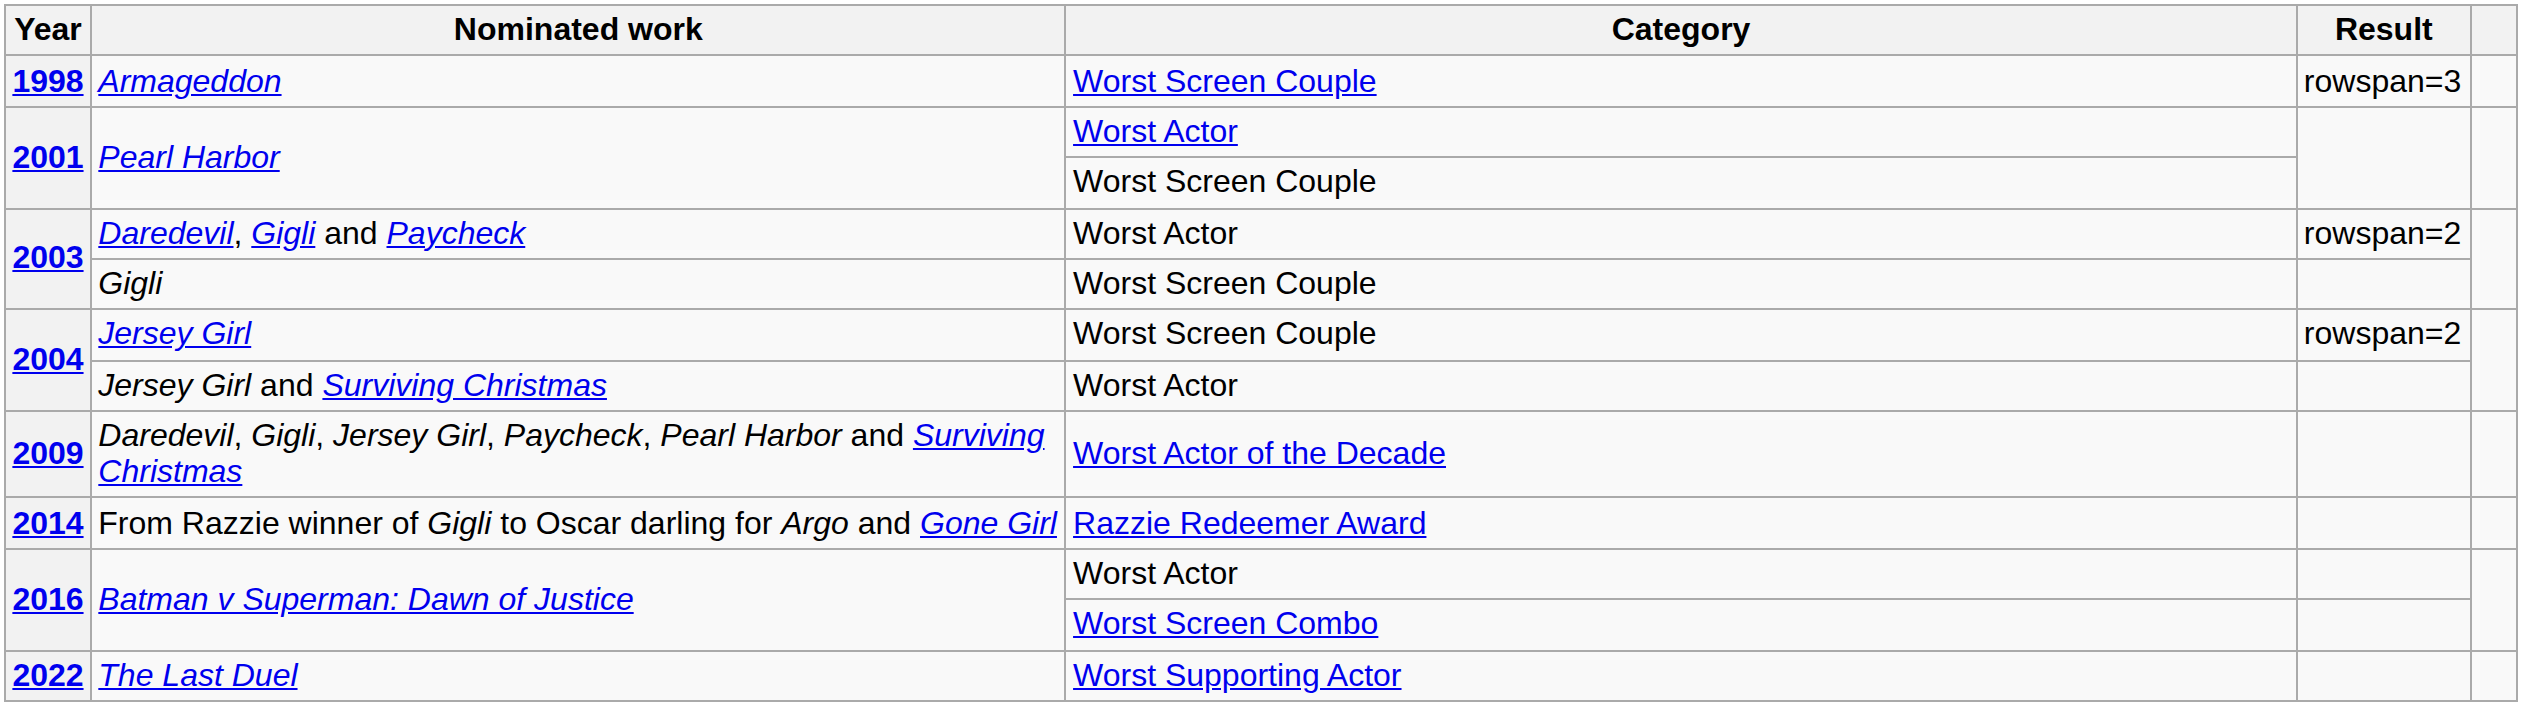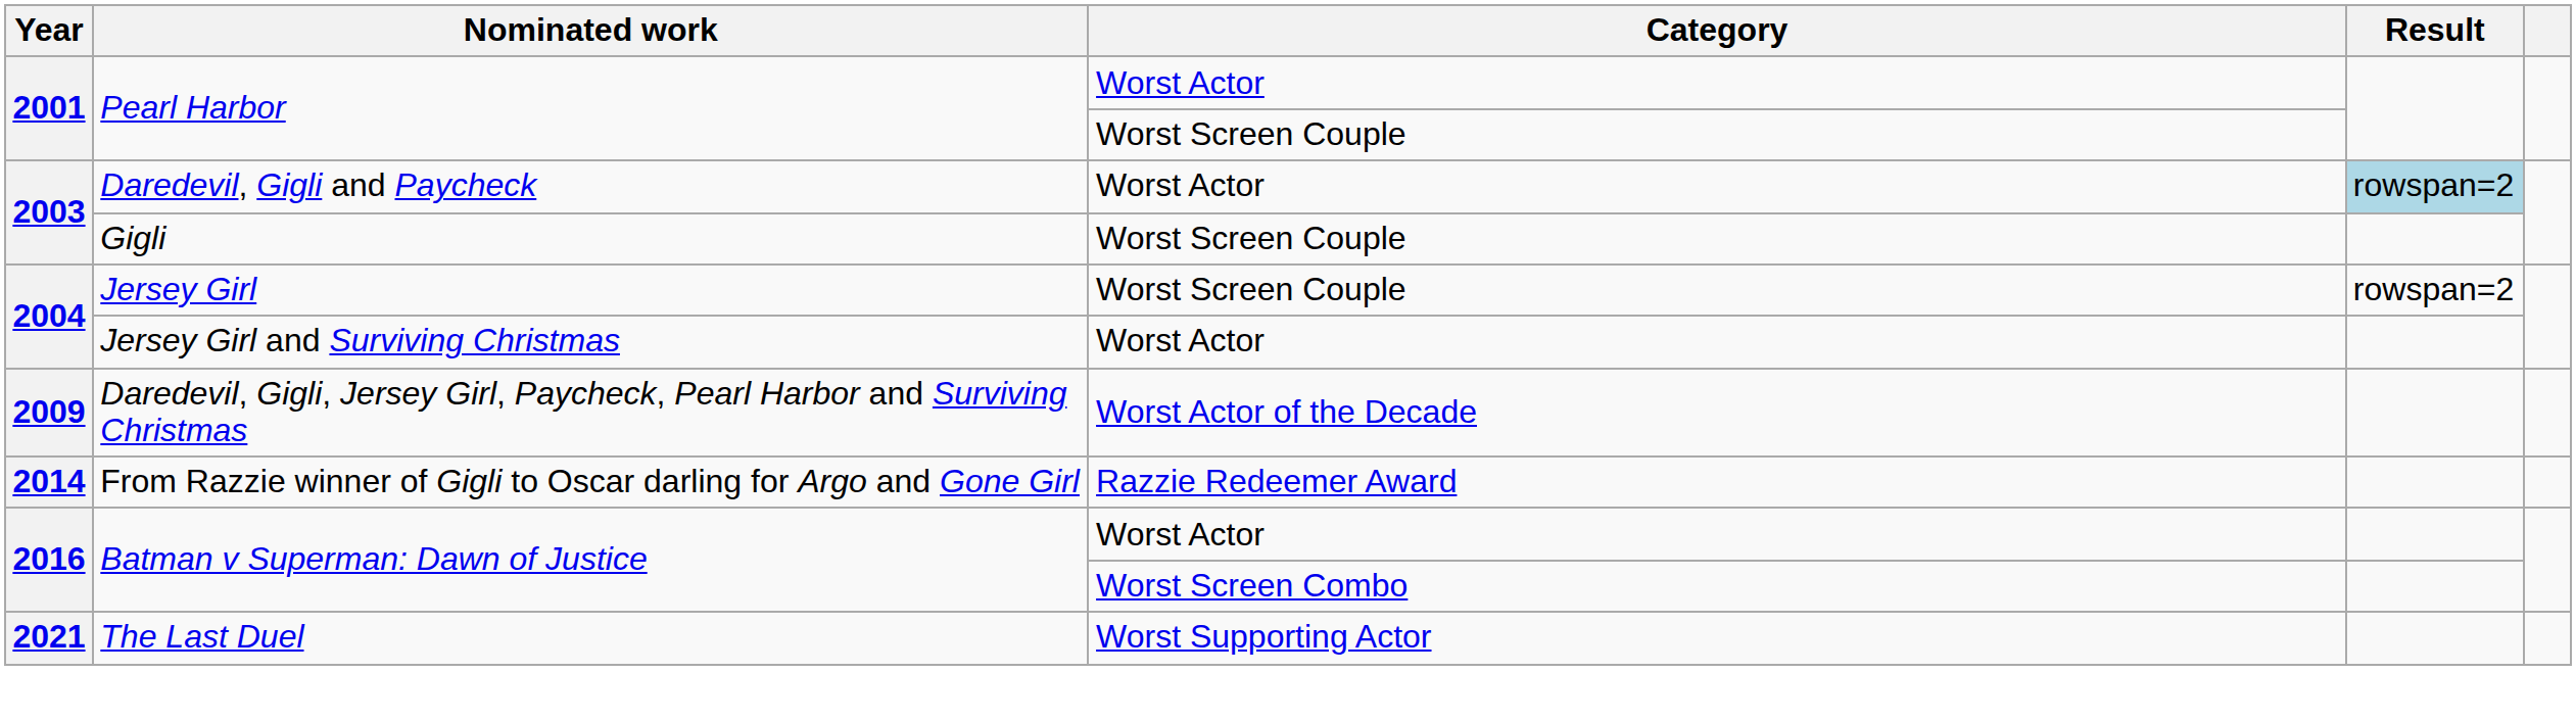 <table class=wikitable>
 <tr>
 <th scope="col" style="width:1em;">Year</th>
 <th scope="col" style="width:30em;">Nominated work</th>
 <th scope="col" style="width:38em;">Category</th>
 <th scope="col" style="width:5em;">Result</th>
 <th scope="col" style="width:1em;"></th>
-</tr>
-<tr>
-<th scope="row"><a href='#'>1998</a></th>
-<td><em><a href='#'>Armageddon</a></em></td>
-<td><a href='#'>Worst Screen Couple</a> </td>
-<td>rowspan=3 </td>
-<td style="text-align:center;"></td>
 </tr>
 <tr>
 <th scope="row" rowspan=2><a href='#'>2001</a></th>
 <td rowspan=2><em><a href='#'>Pearl Harbor</a></em></td>
 <td><a href='#'>Worst Actor</a></td>
 <td rowspan=2 style="text-align:center;"></td>
 </tr>
 <tr>
 <td>Worst Screen Couple </td>
 </tr>
 <tr>
 <th scope="row" rowspan=2><a href='#'>2003</a></th>
 <td><em><a href='#'>Daredevil</a></em>, <em><a href='#'>Gigli</a></em> and <em><a href='#'>Paycheck</a></em></td>
 <td>Worst Actor</td>
-<td>rowspan=2 </td>
+<td style="background: lightblue;">rowspan=2 </td>
 <td rowspan=2 style="text-align:center;"></td>
 </tr>
 <tr>
 <td><em>Gigli</em></td>
 <td>Worst Screen Couple </td>
 </tr>
 <tr>
 <th scope="row" rowspan=2><a href='#'>2004</a></th>
 <td><em><a href='#'>Jersey Girl</a></em></td>
 <td>Worst Screen Couple </td>
 <td>rowspan=2 </td>
 <td rowspan=2 style="text-align:center;"></td>
 </tr>
 <tr>
 <td><em>Jersey Girl</em> and <em><a href='#'>Surviving Christmas</a></em></td>
 <td>Worst Actor</td>
 </tr>
 <tr>
 <th scope="row"><a href='#'>2009</a></th>
 <td><em>Daredevil</em>, <em>Gigli</em>, <em>Jersey Girl</em>, <em>Paycheck</em>, <em>Pearl Harbor</em> and <em><a href='#'>Surviving Christmas</a></em></td>
 <td><a href='#'>Worst Actor of the Decade</a></td>
 <td style="text-align:center;"></td>
 </tr>
 <tr>
 <th scope="row"><a href='#'>2014</a></th>
 <td>From Razzie winner of <em>Gigli</em> to Oscar darling for <em>Argo</em> and <em><a href='#'>Gone Girl</a></em></td>
 <td><a href='#'>Razzie Redeemer Award</a></td>
 <td></td>
 <td style="text-align:center;"></td>
 </tr>
 <tr>
 <th scope="row" rowspan=2><a href='#'>2016</a></th>
 <td rowspan=2><em><a href='#'>Batman v Superman: Dawn of Justice</a></em></td>
 <td>Worst Actor</td>
 <td></td>
 <td rowspan=2 style="text-align:center;"></td>
 </tr>
 <tr>
 <td><a href='#'>Worst Screen Combo</a> </td>
 <td></td>
 </tr>
 <tr>
-<th scope="row"><a href='#'>2022</a></th>
+<th scope="row"><a href='#'>2021</a></th>
 <td><em><a href='#'>The Last Duel</a></em></td>
 <td><a href='#'>Worst Supporting Actor</a></td>
 <td></td>
 <td></td>
 </tr>
 </table>
